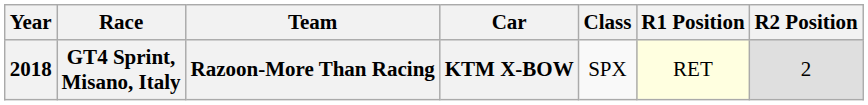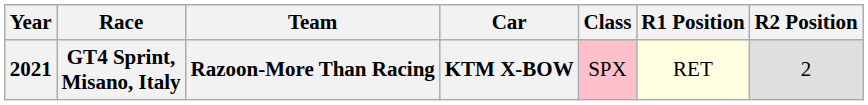 <table class="wikitable" style="text-align:center; font-size:90%">
 <tr>
 <th>Year</th>
 <th>Race</th>
 <th>Team</th>
 <th>Car</th>
 <th>Class</th>
 <th>R1 Position</th>
 <th>R2 Position</th>
 </tr>
 <tr>
-<th>2018</th>
+<th>2021</th>
 <th>GT4 Sprint, <br>Misano, Italy</th>
 <th>Razoon-More Than Racing</th>
 <th>KTM X-BOW</th>
-<td>SPX</td>
+<td style="background: pink;">SPX</td>
 <td style="background: lightyellow;">RET</td>
 <td style="background:#DFDFDF;">2</td>
 </tr>
 </table>
